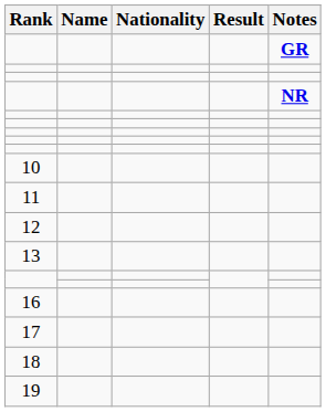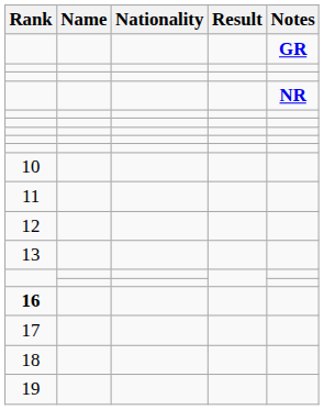 <table class="wikitable sortable" style="text-align:center">
 <tr>
 <th>Rank</th>
 <th>Name</th>
 <th>Nationality</th>
 <th>Result</th>
 <th>Notes</th>
 </tr>
 <tr>
 <td></td>
 <td align=left></td>
 <td align=left></td>
 <td></td>
 <td><strong><a href='#'>GR</a></strong></td>
 </tr>
 <tr>
 <td></td>
 <td align=left></td>
 <td align=left></td>
 <td></td>
 <td></td>
 </tr>
 <tr>
 <td></td>
 <td align=left></td>
 <td align=left></td>
 <td></td>
 <td></td>
 </tr>
 <tr>
 <td></td>
 <td align=left></td>
 <td align=left></td>
 <td></td>
 <td><strong><a href='#'>NR</a></strong></td>
 </tr>
 <tr>
 <td></td>
 <td align=left></td>
 <td align=left></td>
 <td></td>
 <td></td>
 </tr>
 <tr>
 <td></td>
 <td align=left></td>
 <td align=left></td>
 <td></td>
 <td></td>
 </tr>
 <tr>
 <td></td>
 <td align=left></td>
 <td align=left></td>
 <td></td>
 <td></td>
 </tr>
 <tr>
 <td></td>
 <td align=left></td>
 <td align=left></td>
 <td></td>
 <td></td>
 </tr>
 <tr>
 <td></td>
 <td align=left></td>
 <td align=left></td>
 <td></td>
 <td></td>
 </tr>
 <tr>
 <td>10</td>
 <td align=left></td>
 <td align=left></td>
 <td></td>
 <td></td>
 </tr>
 <tr>
 <td>11</td>
 <td align=left></td>
 <td align=left></td>
 <td></td>
 <td></td>
 </tr>
 <tr>
 <td>12</td>
 <td align=left></td>
 <td align=left></td>
 <td></td>
 <td></td>
 </tr>
 <tr>
 <td>13</td>
 <td align=left></td>
 <td align=left></td>
 <td></td>
 <td></td>
 </tr>
 <tr>
 <td rowspan="2"></td>
 <td align=left></td>
 <td align=left></td>
 <td rowspan="2"></td>
 <td></td>
 </tr>
 <tr>
 <td align=left></td>
 <td align=left></td>
 <td></td>
 </tr>
 <tr>
-<td>16</td>
+<td><strong>16</strong></td>
 <td align=left></td>
 <td align=left></td>
 <td></td>
 <td></td>
 </tr>
 <tr>
 <td>17</td>
 <td align=left></td>
 <td align=left></td>
 <td></td>
 <td></td>
 </tr>
 <tr>
 <td>18</td>
 <td align=left></td>
 <td align=left></td>
 <td></td>
 <td></td>
 </tr>
 <tr>
 <td>19</td>
 <td align=left></td>
 <td align=left></td>
 <td></td>
 <td></td>
 </tr>
 </table>
